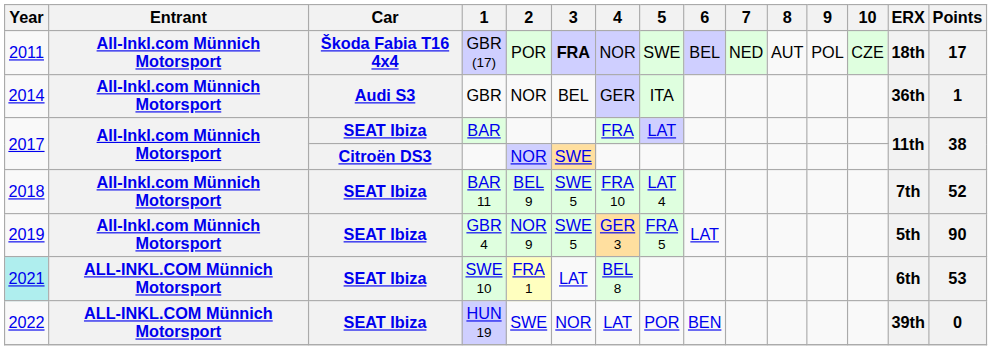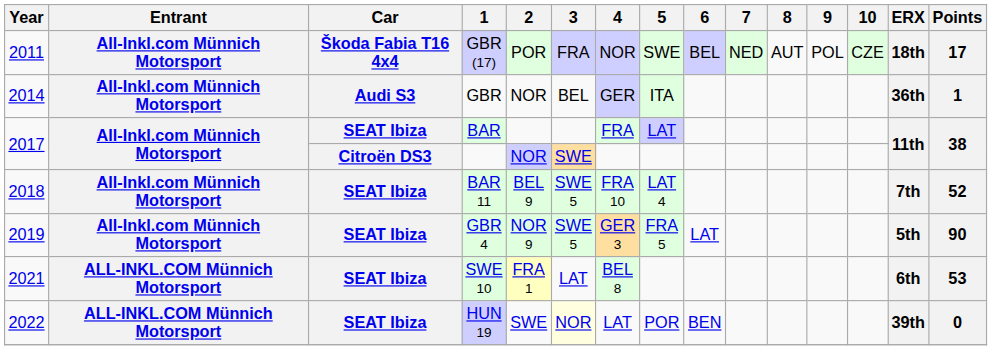 <table class="wikitable" border="1" style="text-align:center; font-size:90%;">
 <tr valign="top">
 <th>Year</th>
 <th>Entrant</th>
 <th>Car</th>
 <th>1</th>
 <th>2</th>
 <th>3</th>
 <th>4</th>
 <th>5</th>
 <th>6</th>
 <th>7</th>
 <th>8</th>
 <th>9</th>
 <th>10</th>
 <th>ERX</th>
 <th>Points</th>
 </tr>
 <tr>
 <td><a href='#'>2011</a></td>
 <th><a href='#'>All-Inkl.com Münnich Motorsport</a></th>
 <th><a href='#'>Škoda Fabia T16 4x4</a></th>
 <td style="background:#CFCFFF;">GBR<br><small>(17)</small></td>
 <td style="background:#DFFFDF;">POR<br></td>
-<td style="background:#CFCFFF;"><strong>FRA<br></strong></td>
+<td style="background:#CFCFFF;">FRA<br></td>
 <td style="background:#CFCFFF;">NOR<br></td>
 <td style="background:#DFFFDF;">SWE<br></td>
 <td style="background:#CFCFFF;">BEL<br></td>
 <td style="background:#DFFFDF;">NED<br></td>
 <td>AUT</td>
 <td>POL</td>
 <td style="background:#DFFFDF;">CZE<br></td>
 <th>18th</th>
 <th>17</th>
 </tr>
 <tr>
 <td><a href='#'>2014</a></td>
 <th><a href='#'>All-Inkl.com Münnich Motorsport</a></th>
 <th><a href='#'>Audi S3</a></th>
 <td>GBR</td>
 <td>NOR</td>
 <td>BEL</td>
 <td style="background:#CFCFFF;">GER<br></td>
 <td style="background:#DFFFDF;">ITA<br></td>
 <td></td>
 <td></td>
 <td></td>
 <td></td>
 <td></td>
 <th>36th</th>
 <th>1</th>
 </tr>
 <tr>
 <td rowspan=2 align="left"><a href='#'>2017</a></td>
 <th rowspan=2 align="left"><a href='#'>All-Inkl.com Münnich Motorsport</a></th>
 <th><a href='#'>SEAT Ibiza</a></th>
 <td style="background:#DFFFDF;"><a href='#'>BAR</a><br></td>
 <td></td>
 <td></td>
 <td style="background:#DFFFDF;"><a href='#'>FRA</a><br></td>
 <td style="background:#CFCFFF;"><a href='#'>LAT</a><br></td>
 <td></td>
 <td></td>
 <td></td>
 <td></td>
 <td></td>
 <th rowspan=2 align="left">11th</th>
 <th rowspan=2 align="left">38</th>
 </tr>
 <tr>
 <th><a href='#'>Citroën DS3</a></th>
 <td></td>
 <td style="background:#CFCFFF;"><a href='#'>NOR</a><br></td>
 <td style="background:#FFDF9F;"><a href='#'>SWE</a><br></td>
 <td></td>
 <td></td>
 <td></td>
 <td></td>
 <td></td>
 <td></td>
 <td></td>
 </tr>
 <tr>
 <td><a href='#'>2018</a></td>
 <th><a href='#'>All-Inkl.com Münnich Motorsport</a></th>
 <th><a href='#'>SEAT Ibiza</a></th>
 <td style="background:#DFFFDF;"><a href='#'>BAR</a><br><small>11</small></td>
 <td style="background:#DFFFDF;"><a href='#'>BEL</a><br><small>9</small></td>
 <td style="background:#DFFFDF;"><a href='#'>SWE</a><br><small>5</small></td>
 <td style="background:#DFFFDF;"><a href='#'>FRA</a><br><small>10</small></td>
 <td style="background:#DFFFDF;"><a href='#'>LAT</a><br><small>4</small></td>
 <td></td>
 <td></td>
 <td></td>
 <td></td>
 <td></td>
 <th>7th</th>
 <th>52</th>
 </tr>
 <tr>
 <td><a href='#'>2019</a></td>
 <th><a href='#'>All-Inkl.com Münnich Motorsport</a></th>
 <th><a href='#'>SEAT Ibiza</a></th>
 <td style="background:#DFFFDF;"><a href='#'>GBR</a><br><small>4</small></td>
 <td style="background:#DFFFDF;"><a href='#'>NOR</a><br><small>9</small></td>
 <td style="background:#DFFFDF;"><a href='#'>SWE</a><br><small>5</small></td>
 <td style="background:#FFDF9F;"><a href='#'>GER</a><br><small>3</small></td>
 <td style="background:#DFFFDF;"><a href='#'>FRA</a><br><small>5</small></td>
 <td><a href='#'>LAT</a></td>
 <td></td>
 <td></td>
 <td></td>
 <td></td>
 <th>5th</th>
 <th>90</th>
 </tr>
 <tr>
-<td style="background: paleturquoise;"><a href='#'>2021</a></td>
+<td><a href='#'>2021</a></td>
 <th><a href='#'>ALL-INKL.COM Münnich Motorsport</a></th>
 <th><a href='#'>SEAT Ibiza</a></th>
 <td style="background:#DFFFDF;"><a href='#'>SWE</a><br><small>10</small></td>
 <td style="background:#ffffbf;"><a href='#'>FRA</a><br><small>1</small></td>
 <td><a href='#'>LAT</a></td>
 <td style="background:#DFFFDF;"><a href='#'>BEL</a><br><small>8</small></td>
 <td></td>
 <td></td>
 <td></td>
 <td></td>
 <td></td>
 <td></td>
 <th>6th</th>
 <th>53</th>
 </tr>
 <tr>
 <td><a href='#'>2022</a></td>
 <th><a href='#'>ALL-INKL.COM Münnich Motorsport</a></th>
 <th><a href='#'>SEAT Ibiza</a></th>
 <td style="background:#CFCFFF;"><a href='#'>HUN</a><br><small>19</small></td>
 <td><a href='#'>SWE</a></td>
-<td><a href='#'>NOR</a></td>
+<td style="background: lightyellow;"><a href='#'>NOR</a></td>
 <td><a href='#'>LAT</a></td>
 <td><a href='#'>POR</a></td>
 <td><a href='#'>BEN</a></td>
 <td></td>
 <td></td>
 <td></td>
 <td></td>
 <th>39th</th>
 <th>0</th>
 </tr>
 <tr>
 </tr>
 </table>
